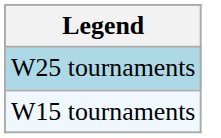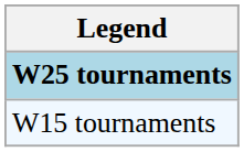 <table class="wikitable" style="font-size:85%">
 <tr>
 <th>Legend</th>
 </tr>
 <tr style="background:lightblue">
-<td>W25 tournaments</td>
+<td><strong>W25 tournaments</strong></td>
 </tr>
 <tr style="background:#f0f8ff;">
 <td>W15 tournaments</td>
 </tr>
 </table>
